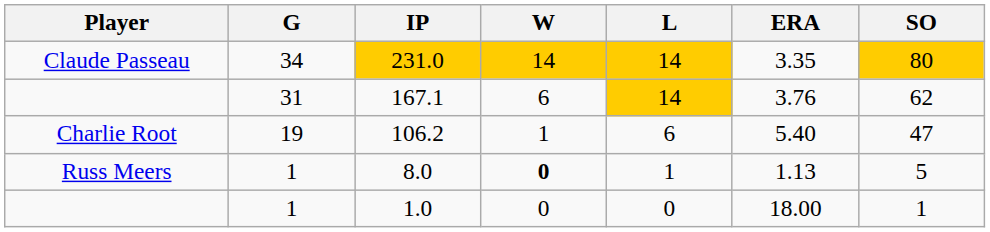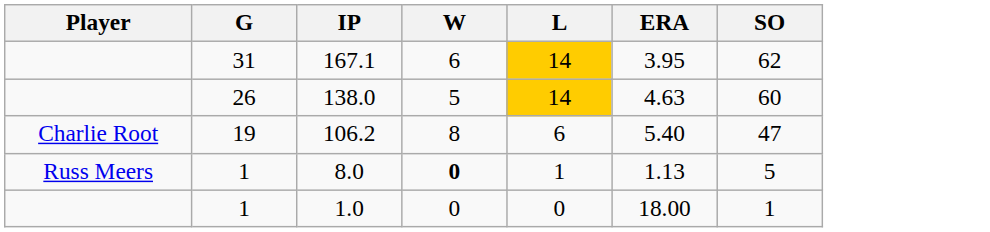 <table class="wikitable sortable">
 <tr>
 <th bgcolor="#DDDDFF" width="16%">Player</th>
 <th bgcolor="#DDDDFF" width="9%">G</th>
 <th bgcolor="#DDDDFF" width="9%">IP</th>
 <th bgcolor="#DDDDFF" width="9%">W</th>
 <th bgcolor="#DDDDFF" width="9%">L</th>
 <th bgcolor="#DDDDFF" width="9%">ERA</th>
 <th bgcolor="#DDDDFF" width="9%">SO</th>
 </tr>
 <tr align="center">
-<td><a href='#'>Claude Passeau</a></td>
-<td>34</td>
-<td style="background:#fc0;">231.0</td>
-<td style="background:#fc0;">14</td>
-<td style="background:#fc0;">14</td>
-<td>3.35</td>
-<td style="background:#fc0;">80</td>
-</tr>
-<tr align="center">
 <td></td>
 <td>31</td>
 <td>167.1</td>
 <td>6</td>
 <td style="background:#fc0;">14</td>
-<td>3.76</td>
+<td>3.95</td>
 <td>62</td>
+</tr>
+<tr align="center">
+<td></td>
+<td>26</td>
+<td>138.0</td>
+<td>5</td>
+<td style="background:#fc0;">14</td>
+<td>4.63</td>
+<td>60</td>
 </tr>
 <tr align="center">
 <td><a href='#'>Charlie Root</a></td>
 <td>19</td>
 <td>106.2</td>
-<td>1</td>
+<td>8</td>
 <td>6</td>
 <td>5.40</td>
 <td>47</td>
 </tr>
 <tr align="center">
 <td><a href='#'>Russ Meers</a></td>
 <td>1</td>
 <td>8.0</td>
 <td><strong>0</strong></td>
 <td>1</td>
 <td>1.13</td>
 <td>5</td>
 </tr>
 <tr align="center">
 <td></td>
 <td>1</td>
 <td>1.0</td>
 <td>0</td>
 <td>0</td>
 <td>18.00</td>
 <td>1</td>
 </tr>
 </table>
